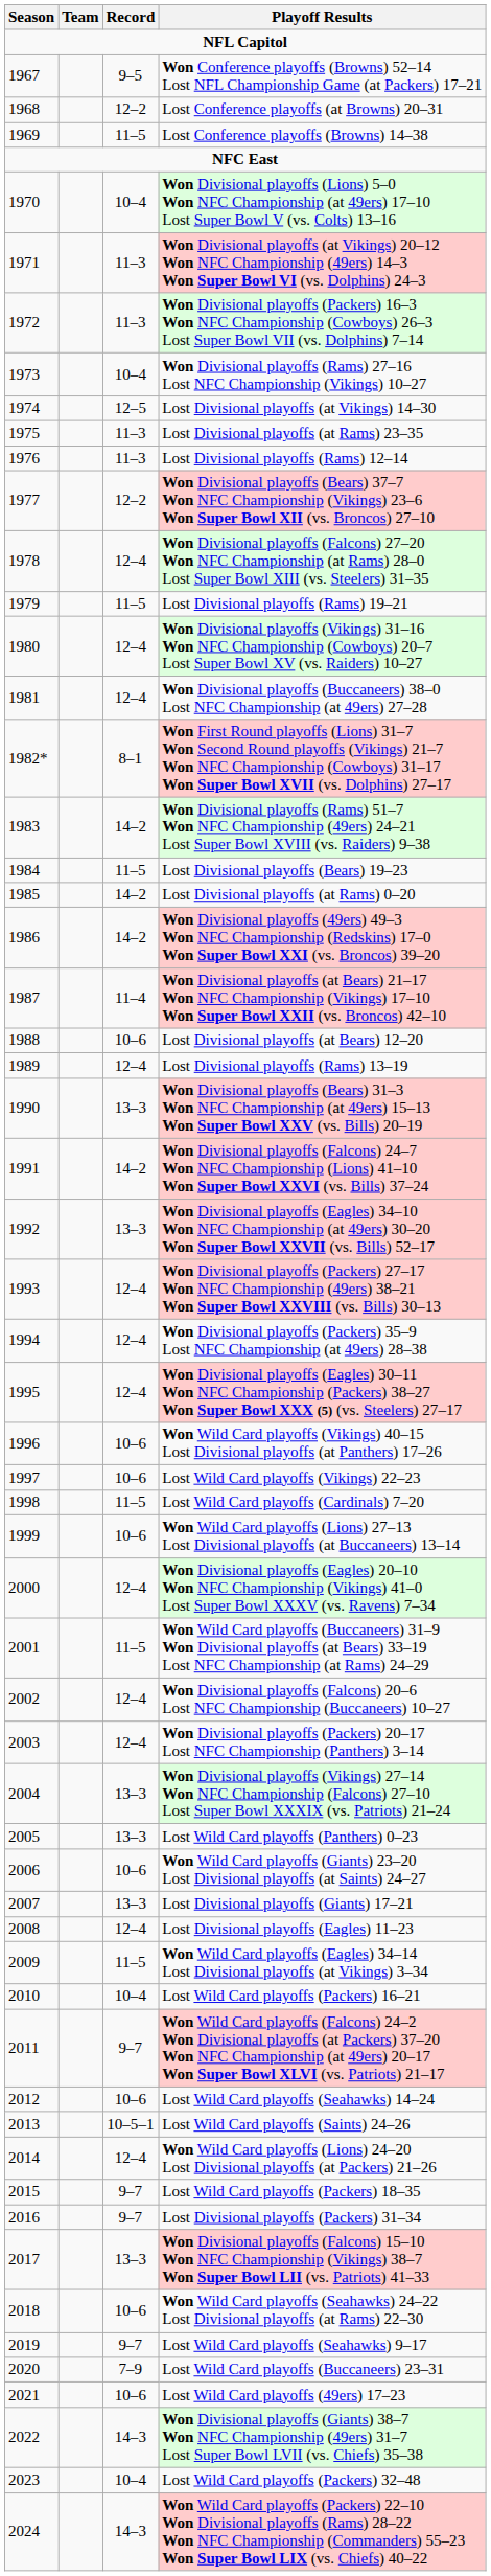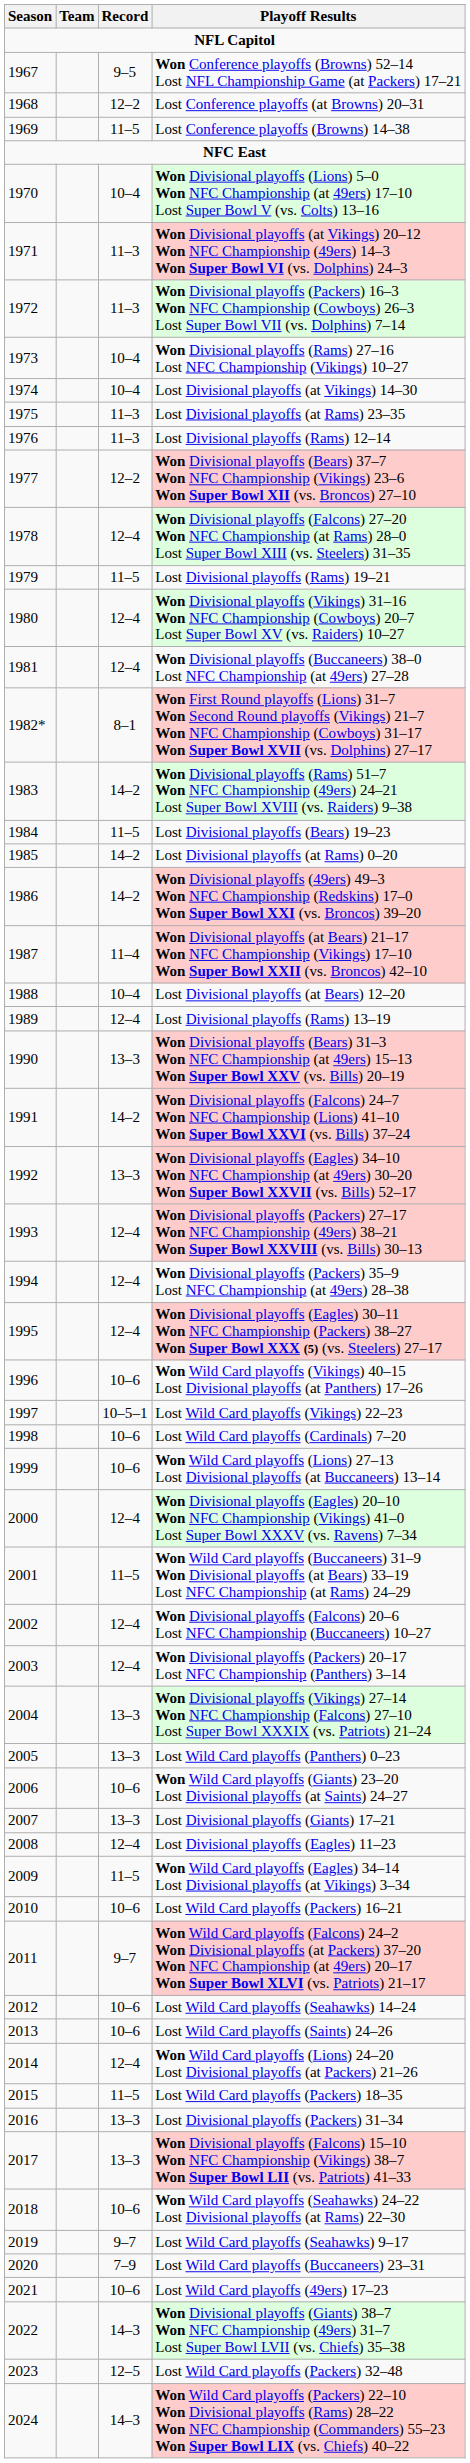 <table class="wikitable">
 <tr>
 <th>Season</th>
 <th>Team</th>
 <th>Record</th>
 <th>Playoff Results</th>
 </tr>
 <tr>
 <td colspan="4" align="center"><strong>NFL Capitol</strong></td>
 </tr>
 <tr>
 <td>1967</td>
 <td><strong><a href='#'></a></strong></td>
 <td align="center">9–5</td>
 <td><strong>Won</strong> <a href='#'>Conference playoffs</a> (<a href='#'>Browns</a>) 52–14<br>Lost <a href='#'>NFL Championship Game</a> (at <a href='#'>Packers</a>) 17–21</td>
 </tr>
 <tr>
 <td>1968</td>
 <td><strong><a href='#'></a></strong></td>
 <td align="center">12–2</td>
 <td>Lost <a href='#'>Conference playoffs</a> (at <a href='#'>Browns</a>) 20–31</td>
 </tr>
 <tr>
 <td>1969</td>
 <td><strong><a href='#'></a></strong></td>
 <td align="center">11–5</td>
 <td>Lost <a href='#'>Conference playoffs</a> (<a href='#'>Browns</a>) 14–38</td>
 </tr>
 <tr>
 <td colspan="4" align="center"><strong>NFC East</strong></td>
 </tr>
 <tr>
 <td>1970</td>
 <td><strong><a href='#'></a></strong></td>
 <td align="center">10–4</td>
 <td bgcolor="#DDFFDD"><strong>Won</strong> <a href='#'>Divisional playoffs</a> (<a href='#'>Lions</a>) 5–0<br><strong>Won</strong> <a href='#'>NFC Championship</a> (at <a href='#'>49ers</a>) 17–10<br>Lost <a href='#'>Super Bowl V</a> (vs. <a href='#'>Colts</a>) 13–16</td>
 </tr>
 <tr>
 <td>1971</td>
 <td><strong><a href='#'></a></strong></td>
 <td align="center">11–3</td>
 <td style="background: #FFCCCC;" valign="top"><strong>Won</strong> <a href='#'>Divisional playoffs</a> (at <a href='#'>Vikings</a>) 20–12<br><strong>Won</strong> <a href='#'>NFC Championship</a> (<a href='#'>49ers</a>) 14–3<br><strong>Won <a href='#'>Super Bowl VI</a></strong> (vs. <a href='#'>Dolphins</a>) 24–3</td>
 </tr>
 <tr>
 <td>1972</td>
 <td><strong><a href='#'></a></strong></td>
 <td align="center">11–3</td>
 <td bgcolor="#DDFFDD"><strong>Won</strong> <a href='#'>Divisional playoffs</a> (<a href='#'>Packers</a>) 16–3<br><strong>Won</strong> <a href='#'>NFC Championship</a> (<a href='#'>Cowboys</a>) 26–3<br>Lost <a href='#'>Super Bowl VII</a> (vs. <a href='#'>Dolphins</a>) 7–14</td>
 </tr>
 <tr>
 <td>1973</td>
 <td><strong><a href='#'></a></strong></td>
 <td align="center">10–4</td>
 <td><strong>Won</strong> <a href='#'>Divisional playoffs</a> (<a href='#'>Rams</a>) 27–16<br>Lost <a href='#'>NFC Championship</a> (<a href='#'>Vikings</a>) 10–27</td>
 </tr>
 <tr>
 <td>1974</td>
 <td><strong><a href='#'></a></strong></td>
-<td align="center">12–5</td>
+<td align="center">10–4</td>
 <td>Lost  <a href='#'>Divisional playoffs</a> (at <a href='#'>Vikings</a>) 14–30</td>
 </tr>
 <tr>
 <td>1975</td>
 <td><strong><a href='#'></a></strong></td>
 <td align="center">11–3</td>
 <td>Lost <a href='#'>Divisional playoffs</a> (at <a href='#'>Rams</a>) 23–35</td>
 </tr>
 <tr>
 <td>1976</td>
 <td><strong><a href='#'></a></strong></td>
 <td align="center">11–3</td>
 <td>Lost <a href='#'>Divisional playoffs</a> (<a href='#'>Rams</a>) 12–14</td>
 </tr>
 <tr>
 <td>1977</td>
 <td><strong><a href='#'></a></strong></td>
 <td align="center">12–2</td>
 <td style="background: #FFCCCC;" valign="top"><strong>Won</strong> <a href='#'>Divisional playoffs</a> (<a href='#'>Bears</a>) 37–7<br><strong>Won</strong> <a href='#'>NFC Championship</a> (<a href='#'>Vikings</a>) 23–6<br><strong>Won <a href='#'>Super Bowl XII</a></strong> (vs. <a href='#'>Broncos</a>) 27–10</td>
 </tr>
 <tr>
 <td>1978</td>
 <td><strong><a href='#'></a></strong></td>
 <td align="center">12–4</td>
 <td bgcolor="#DDFFDD"><strong>Won</strong> <a href='#'>Divisional playoffs</a> (<a href='#'>Falcons</a>) 27–20<br><strong>Won</strong> <a href='#'>NFC Championship</a> (at <a href='#'>Rams</a>) 28–0<br>Lost <a href='#'>Super Bowl XIII</a> (vs. <a href='#'>Steelers</a>) 31–35</td>
 </tr>
 <tr>
 <td>1979</td>
 <td><strong><a href='#'></a></strong></td>
 <td align="center">11–5</td>
 <td>Lost <a href='#'>Divisional playoffs</a> (<a href='#'>Rams</a>) 19–21</td>
 </tr>
 <tr>
 <td>1980</td>
 <td><strong><a href='#'></a></strong></td>
 <td align="center">12–4</td>
 <td bgcolor="#DDFFDD"><strong>Won</strong> <a href='#'>Divisional playoffs</a> (<a href='#'>Vikings</a>) 31–16<br><strong>Won</strong> <a href='#'>NFC Championship</a> (<a href='#'>Cowboys</a>) 20–7<br>Lost <a href='#'>Super Bowl XV</a> (vs. <a href='#'>Raiders</a>) 10–27</td>
 </tr>
 <tr>
 <td>1981</td>
 <td><strong><a href='#'></a></strong></td>
 <td align="center">12–4</td>
 <td><strong>Won</strong> <a href='#'>Divisional playoffs</a> (<a href='#'>Buccaneers</a>) 38–0<br>Lost <a href='#'>NFC Championship</a> (at <a href='#'>49ers</a>) 27–28</td>
 </tr>
 <tr>
 <td>1982*</td>
 <td><strong><a href='#'></a></strong></td>
 <td align="center">8–1</td>
 <td style="background: #FFCCCC;" valign="top"><strong>Won</strong> <a href='#'>First Round playoffs</a> (<a href='#'>Lions</a>) 31–7<br><strong>Won</strong> <a href='#'>Second Round playoffs</a> (<a href='#'>Vikings</a>) 21–7<br><strong>Won</strong> <a href='#'>NFC Championship</a> (<a href='#'>Cowboys</a>) 31–17<br><strong>Won <a href='#'>Super Bowl XVII</a></strong> (vs. <a href='#'>Dolphins</a>) 27–17</td>
 </tr>
 <tr>
 <td>1983</td>
 <td><strong><a href='#'></a></strong></td>
 <td align="center">14–2</td>
 <td bgcolor="#DDFFDD"><strong>Won</strong> <a href='#'>Divisional playoffs</a> (<a href='#'>Rams</a>) 51–7<br><strong>Won</strong> <a href='#'>NFC Championship</a> (<a href='#'>49ers</a>) 24–21<br>Lost <a href='#'>Super Bowl XVIII</a> (vs. <a href='#'>Raiders</a>) 9–38</td>
 </tr>
 <tr>
 <td>1984</td>
 <td><strong><a href='#'></a></strong></td>
 <td align="center">11–5</td>
 <td>Lost <a href='#'>Divisional playoffs</a> (<a href='#'>Bears</a>) 19–23</td>
 </tr>
 <tr>
 <td>1985</td>
 <td><strong><a href='#'></a></strong></td>
 <td align="center">14–2</td>
 <td>Lost <a href='#'>Divisional playoffs</a> (at <a href='#'>Rams</a>) 0–20</td>
 </tr>
 <tr>
 <td>1986</td>
 <td><strong><a href='#'></a></strong></td>
 <td align="center">14–2</td>
 <td style="background: #FFCCCC;" valign="top"><strong>Won</strong> <a href='#'>Divisional playoffs</a> (<a href='#'>49ers</a>) 49–3<br><strong>Won</strong> <a href='#'>NFC Championship</a> (<a href='#'>Redskins</a>) 17–0<br><strong>Won <a href='#'>Super Bowl XXI</a></strong> (vs. <a href='#'>Broncos</a>) 39–20</td>
 </tr>
 <tr>
 <td>1987</td>
 <td><strong><a href='#'></a></strong></td>
 <td align="center">11–4</td>
 <td style="background: #FFCCCC;" valign="top"><strong>Won</strong> <a href='#'>Divisional playoffs</a> (at <a href='#'>Bears</a>) 21–17<br><strong>Won</strong> <a href='#'>NFC Championship</a> (<a href='#'>Vikings</a>) 17–10<br><strong>Won <a href='#'>Super Bowl XXII</a></strong> (vs. <a href='#'>Broncos</a>) 42–10</td>
 </tr>
 <tr>
 <td>1988</td>
 <td><strong><a href='#'></a></strong></td>
-<td align="center">10–6</td>
+<td align="center">10–4</td>
 <td>Lost <a href='#'>Divisional playoffs</a> (at <a href='#'>Bears</a>) 12–20</td>
 </tr>
 <tr>
 <td>1989</td>
 <td><strong><a href='#'></a></strong></td>
 <td align="center">12–4</td>
 <td>Lost <a href='#'>Divisional playoffs</a> (<a href='#'>Rams</a>) 13–19 </td>
 </tr>
 <tr>
 <td>1990</td>
 <td><strong><a href='#'></a></strong></td>
 <td align="center">13–3</td>
 <td style="background: #FFCCCC;" valign="top"><strong>Won</strong> <a href='#'>Divisional playoffs</a> (<a href='#'>Bears</a>) 31–3<br><strong>Won</strong> <a href='#'>NFC Championship</a> (at <a href='#'>49ers</a>) 15–13<br><strong>Won <a href='#'>Super Bowl XXV</a></strong> (vs. <a href='#'>Bills</a>) 20–19</td>
 </tr>
 <tr>
 <td>1991</td>
 <td><strong><a href='#'></a></strong></td>
 <td align="center">14–2</td>
 <td style="background: #FFCCCC;" valign="top"><strong>Won</strong> <a href='#'>Divisional playoffs</a> (<a href='#'>Falcons</a>) 24–7<br><strong>Won</strong> <a href='#'>NFC Championship</a> (<a href='#'>Lions</a>) 41–10<br><strong>Won <a href='#'>Super Bowl XXVI</a></strong> (vs. <a href='#'>Bills</a>) 37–24</td>
 </tr>
 <tr>
 <td>1992</td>
 <td><strong><a href='#'></a></strong></td>
 <td align="center">13–3</td>
 <td style="background: #FFCCCC;" valign="top"><strong>Won</strong> <a href='#'>Divisional playoffs</a> (<a href='#'>Eagles</a>) 34–10<br><strong>Won</strong> <a href='#'>NFC Championship</a> (at <a href='#'>49ers</a>) 30–20<br><strong>Won <a href='#'>Super Bowl XXVII</a></strong> (vs. <a href='#'>Bills</a>) 52–17</td>
 </tr>
 <tr>
 <td>1993</td>
 <td><strong><a href='#'></a></strong></td>
 <td align="center">12–4</td>
 <td style="background: #FFCCCC;" valign="top"><strong>Won</strong> <a href='#'>Divisional playoffs</a> (<a href='#'>Packers</a>) 27–17<br><strong>Won</strong> <a href='#'>NFC Championship</a> (<a href='#'>49ers</a>) 38–21<br><strong>Won <a href='#'>Super Bowl XXVIII</a></strong> (vs. <a href='#'>Bills</a>) 30–13</td>
 </tr>
 <tr>
 <td>1994</td>
 <td><strong><a href='#'></a></strong></td>
 <td align="center">12–4</td>
 <td><strong>Won</strong> <a href='#'>Divisional playoffs</a> (<a href='#'>Packers</a>) 35–9<br>Lost <a href='#'>NFC Championship</a> (at <a href='#'>49ers</a>) 28–38</td>
 </tr>
 <tr>
 <td>1995</td>
 <td><strong><a href='#'></a></strong></td>
 <td align="center">12–4</td>
 <td style="background: #FFCCCC;" valign="top"><strong>Won</strong> <a href='#'>Divisional playoffs</a> (<a href='#'>Eagles</a>) 30–11<br><strong>Won</strong> <a href='#'>NFC Championship</a> (<a href='#'>Packers</a>) 38–27<br><strong>Won <a href='#'>Super Bowl XXX</a> <small>(5)</small></strong> (vs. <a href='#'>Steelers</a>) 27–17</td>
 </tr>
 <tr>
 <td>1996</td>
 <td><strong><a href='#'></a></strong></td>
 <td align="center">10–6</td>
 <td><strong>Won</strong> <a href='#'>Wild Card playoffs</a> (<a href='#'>Vikings</a>) 40–15<br>Lost <a href='#'>Divisional playoffs</a> (at <a href='#'>Panthers</a>) 17–26</td>
 </tr>
 <tr>
 <td>1997</td>
 <td><strong><a href='#'></a></strong></td>
-<td align="center">10–6</td>
+<td align="center">10–5–1</td>
 <td>Lost <a href='#'>Wild Card playoffs</a> (<a href='#'>Vikings</a>) 22–23</td>
 </tr>
 <tr>
 <td>1998</td>
 <td><strong><a href='#'></a></strong></td>
-<td align="center">11–5</td>
+<td align="center">10–6</td>
 <td>Lost <a href='#'>Wild Card playoffs</a> (<a href='#'>Cardinals</a>) 7–20</td>
 </tr>
 <tr>
 <td>1999</td>
 <td><strong><a href='#'></a></strong></td>
 <td align="center">10–6</td>
 <td><strong>Won</strong> <a href='#'>Wild Card playoffs</a> (<a href='#'>Lions</a>) 27–13<br>Lost <a href='#'>Divisional playoffs</a> (at <a href='#'>Buccaneers</a>) 13–14</td>
 </tr>
 <tr>
 <td>2000</td>
 <td><strong><a href='#'></a></strong></td>
 <td align="center">12–4</td>
 <td bgcolor="#DDFFDD"><strong>Won</strong> <a href='#'>Divisional playoffs</a> (<a href='#'>Eagles</a>) 20–10<br><strong>Won</strong> <a href='#'>NFC Championship</a> (<a href='#'>Vikings</a>) 41–0<br>Lost <a href='#'>Super Bowl XXXV</a> (vs. <a href='#'>Ravens</a>) 7–34</td>
 </tr>
 <tr>
 <td>2001</td>
 <td><strong><a href='#'></a></strong></td>
 <td align="center">11–5</td>
 <td><strong>Won</strong> <a href='#'>Wild Card playoffs</a> (<a href='#'>Buccaneers</a>) 31–9<br><strong>Won</strong> <a href='#'>Divisional playoffs</a> (at <a href='#'>Bears</a>) 33–19<br>Lost <a href='#'>NFC Championship</a> (at <a href='#'>Rams</a>) 24–29</td>
 </tr>
 <tr>
 <td>2002</td>
 <td><strong><a href='#'></a></strong></td>
 <td align="center">12–4</td>
 <td><strong>Won</strong> <a href='#'>Divisional playoffs</a> (<a href='#'>Falcons</a>) 20–6<br>Lost <a href='#'>NFC Championship</a> (<a href='#'>Buccaneers</a>) 10–27</td>
 </tr>
 <tr>
 <td>2003</td>
 <td><strong><a href='#'></a></strong></td>
 <td align="center">12–4</td>
 <td><strong>Won</strong> <a href='#'>Divisional playoffs</a> (<a href='#'>Packers</a>) 20–17 <br>Lost <a href='#'>NFC Championship</a> (<a href='#'>Panthers</a>) 3–14</td>
 </tr>
 <tr>
 <td>2004</td>
 <td><strong><a href='#'></a></strong></td>
 <td align="center">13–3</td>
 <td bgcolor="#DDFFDD"><strong>Won</strong> <a href='#'>Divisional playoffs</a> (<a href='#'>Vikings</a>) 27–14<br><strong>Won</strong> <a href='#'>NFC Championship</a> (<a href='#'>Falcons</a>) 27–10<br>Lost <a href='#'>Super Bowl XXXIX</a> (vs. <a href='#'>Patriots</a>) 21–24</td>
 </tr>
 <tr>
 <td>2005</td>
 <td><strong><a href='#'></a></strong></td>
 <td align="center">13–3</td>
 <td>Lost <a href='#'>Wild Card playoffs</a> (<a href='#'>Panthers</a>) 0–23</td>
 </tr>
 <tr>
 <td>2006</td>
 <td><strong><a href='#'></a></strong></td>
 <td align="center">10–6</td>
 <td><strong>Won</strong> <a href='#'>Wild Card playoffs</a> (<a href='#'>Giants</a>) 23–20<br>Lost <a href='#'>Divisional playoffs</a> (at <a href='#'>Saints</a>) 24–27</td>
 </tr>
 <tr>
 <td>2007</td>
 <td><strong><a href='#'></a></strong></td>
 <td align="center">13–3</td>
 <td>Lost <a href='#'>Divisional playoffs</a> (<a href='#'>Giants</a>) 17–21</td>
 </tr>
 <tr>
 <td>2008</td>
 <td><strong><a href='#'></a></strong></td>
 <td align="center">12–4</td>
 <td>Lost <a href='#'>Divisional playoffs</a> (<a href='#'>Eagles</a>) 11–23</td>
 </tr>
 <tr>
 <td>2009</td>
 <td><strong><a href='#'></a></strong></td>
 <td align="center">11–5</td>
 <td><strong>Won</strong> <a href='#'>Wild Card playoffs</a> (<a href='#'>Eagles</a>) 34–14<br>Lost <a href='#'>Divisional playoffs</a> (at <a href='#'>Vikings</a>) 3–34</td>
 </tr>
 <tr>
 <td>2010</td>
 <td><strong><a href='#'></a></strong></td>
-<td align="center">10–4</td>
+<td align="center">10–6</td>
 <td>Lost <a href='#'>Wild Card playoffs</a> (<a href='#'>Packers</a>) 16–21</td>
 </tr>
 <tr>
 <td>2011</td>
 <td><strong><a href='#'></a></strong></td>
 <td align="center">9–7</td>
 <td style="background: #FFCCCC;" valign="top"><strong>Won</strong> <a href='#'>Wild Card playoffs</a> (<a href='#'>Falcons</a>) 24–2<br><strong>Won</strong> <a href='#'>Divisional playoffs</a> (at <a href='#'>Packers</a>) 37–20<br><strong>Won</strong> <a href='#'>NFC Championship</a> (at <a href='#'>49ers</a>) 20–17 <br><strong>Won <a href='#'>Super Bowl XLVI</a></strong> (vs. <a href='#'>Patriots</a>) 21–17</td>
 </tr>
 <tr>
 <td>2012</td>
 <td><strong><a href='#'></a></strong></td>
 <td align="center">10–6</td>
 <td>Lost <a href='#'>Wild Card playoffs</a> (<a href='#'>Seahawks</a>) 14–24</td>
 </tr>
 <tr>
 <td>2013</td>
 <td><strong><a href='#'></a></strong></td>
-<td align="center">10–5–1</td>
+<td align="center">10–6</td>
 <td>Lost <a href='#'>Wild Card playoffs</a> (<a href='#'>Saints</a>) 24–26</td>
 </tr>
 <tr>
 <td>2014</td>
 <td><strong><a href='#'></a></strong></td>
 <td align="center">12–4</td>
 <td><strong>Won</strong> <a href='#'>Wild Card playoffs</a> (<a href='#'>Lions</a>) 24–20<br>Lost <a href='#'>Divisional playoffs</a> (at <a href='#'>Packers</a>) 21–26</td>
 </tr>
 <tr>
 <td>2015</td>
 <td><strong><a href='#'></a></strong></td>
-<td align="center">9–7</td>
+<td align="center">11–5</td>
 <td>Lost <a href='#'>Wild Card playoffs</a> (<a href='#'>Packers</a>) 18–35</td>
 </tr>
 <tr>
 <td>2016</td>
 <td><strong><a href='#'></a></strong></td>
-<td align="center">9–7</td>
+<td align="center">13–3</td>
 <td>Lost <a href='#'>Divisional playoffs</a> (<a href='#'>Packers</a>) 31–34</td>
 </tr>
 <tr>
 <td>2017</td>
 <td><strong><a href='#'></a></strong></td>
 <td align="center">13–3</td>
 <td style="background: #FFCCCC;" valign="top"><strong>Won</strong> <a href='#'>Divisional playoffs</a> (<a href='#'>Falcons</a>) 15–10<br><strong>Won</strong> <a href='#'>NFC Championship</a> (<a href='#'>Vikings</a>) 38–7<br><strong>Won <a href='#'>Super Bowl LII</a></strong> (vs. <a href='#'>Patriots</a>) 41–33</td>
 </tr>
 <tr>
 <td>2018</td>
 <td><strong><a href='#'></a></strong></td>
 <td align="center">10–6</td>
 <td><strong>Won</strong> <a href='#'>Wild Card playoffs</a> (<a href='#'>Seahawks</a>) 24–22<br>Lost <a href='#'>Divisional playoffs</a> (at <a href='#'>Rams</a>) 22–30</td>
 </tr>
 <tr>
 <td>2019</td>
 <td><strong><a href='#'></a></strong></td>
 <td align="center">9–7</td>
 <td>Lost <a href='#'>Wild Card playoffs</a> (<a href='#'>Seahawks</a>) 9–17</td>
 </tr>
 <tr>
 <td>2020</td>
 <td><strong><a href='#'></a></strong></td>
 <td align="center">7–9</td>
 <td>Lost <a href='#'>Wild Card playoffs</a> (<a href='#'>Buccaneers</a>) 23–31</td>
 </tr>
 <tr>
 <td>2021</td>
 <td><strong><a href='#'></a></strong></td>
 <td align="center">10–6</td>
 <td>Lost <a href='#'>Wild Card playoffs</a> (<a href='#'>49ers</a>) 17–23</td>
 </tr>
 <tr>
 <td>2022</td>
 <td><strong><a href='#'></a></strong></td>
 <td align="center">14–3</td>
 <td bgcolor="#DDFFDD"><strong>Won</strong> <a href='#'>Divisional playoffs</a> (<a href='#'>Giants</a>) 38–7 <br> <strong>Won</strong> <a href='#'>NFC Championship</a> (<a href='#'>49ers</a>) 31–7 <br> Lost <a href='#'>Super Bowl LVII</a> (vs. <a href='#'>Chiefs</a>) 35–38</td>
 </tr>
 <tr>
 <td>2023</td>
 <td><strong><a href='#'></a></strong></td>
-<td align="center">10–4</td>
+<td align="center">12–5</td>
 <td>Lost <a href='#'>Wild Card playoffs</a> (<a href='#'>Packers</a>) 32–48</td>
 </tr>
 <tr>
 <td>2024</td>
 <td><strong><a href='#'></a></strong></td>
 <td align="center">14–3</td>
 <td bgcolor="#FFCCCC"><strong>Won</strong> <a href='#'>Wild Card playoffs</a> (<a href='#'>Packers</a>) 22–10<br><strong>Won</strong> <a href='#'>Divisional playoffs</a> (<a href='#'>Rams</a>) 28–22 <br> <strong>Won</strong> <a href='#'>NFC Championship</a> (<a href='#'>Commanders</a>) 55–23 <br> <strong>Won <a href='#'>Super Bowl LIX</a></strong> (vs. <a href='#'>Chiefs</a>) 40–22</td>
 </tr>
 </table>
